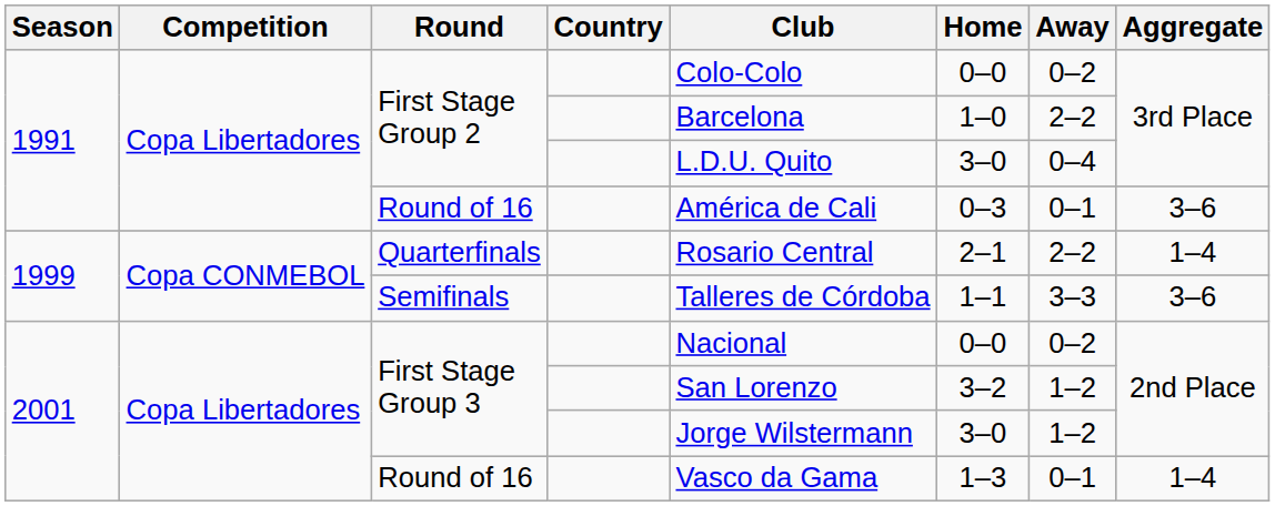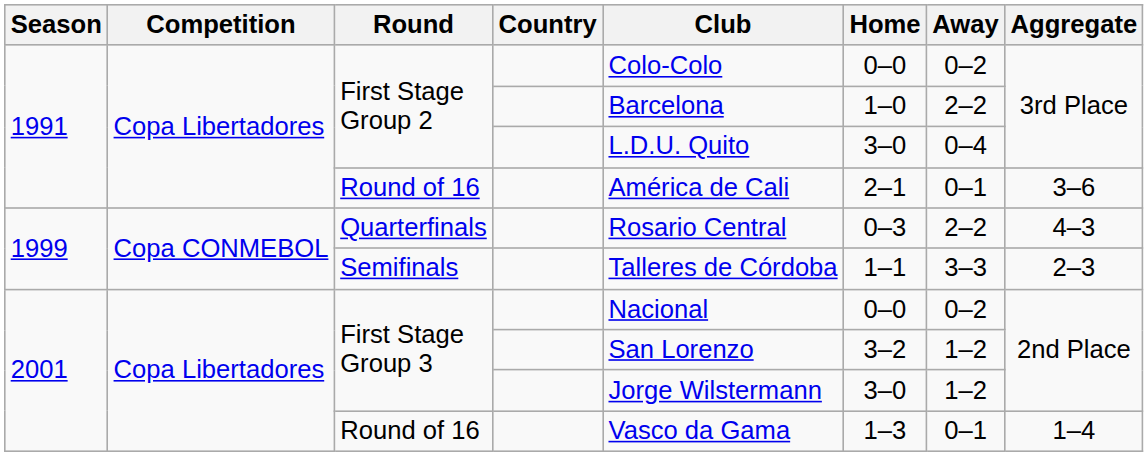 <table class="wikitable" style="text-align:left;">
 <tr>
 <th>Season</th>
 <th>Competition</th>
 <th>Round</th>
 <th>Country</th>
 <th>Club</th>
 <th>Home</th>
 <th>Away</th>
 <th>Aggregate</th>
 </tr>
 <tr>
 <td rowspan="4"><a href='#'>1991</a></td>
 <td rowspan="4"><a href='#'>Copa Libertadores</a></td>
 <td rowspan="3">First Stage<br>Group 2</td>
 <td></td>
 <td><a href='#'>Colo-Colo</a></td>
 <td style="text-align:center;">0–0</td>
 <td style="text-align:center;">0–2</td>
 <td style="text-align:center;" rowspan=3>3rd Place</td>
 </tr>
 <tr>
 <td></td>
 <td><a href='#'>Barcelona</a></td>
 <td style="text-align:center;">1–0</td>
 <td style="text-align:center;">2–2</td>
 </tr>
 <tr>
 <td></td>
 <td><a href='#'>L.D.U. Quito</a></td>
 <td style="text-align:center;">3–0</td>
 <td style="text-align:center;">0–4</td>
 </tr>
 <tr>
 <td><a href='#'>Round of 16</a></td>
 <td></td>
 <td><a href='#'>América de Cali</a></td>
-<td style="text-align:center;">0–3</td>
+<td style="text-align:center;">2–1</td>
 <td style="text-align:center;">0–1</td>
 <td style="text-align:center;">3–6</td>
 </tr>
 <tr>
 <td rowspan="2"><a href='#'>1999</a></td>
 <td rowspan="2"><a href='#'>Copa CONMEBOL</a></td>
 <td><a href='#'>Quarterfinals</a></td>
 <td></td>
 <td><a href='#'>Rosario Central</a></td>
-<td style="text-align:center;">2–1</td>
+<td style="text-align:center;">0–3</td>
 <td style="text-align:center;">2–2</td>
-<td style="text-align:center;">1–4</td>
+<td style="text-align:center;">4–3</td>
 </tr>
 <tr>
 <td><a href='#'>Semifinals</a></td>
 <td></td>
 <td><a href='#'>Talleres de Córdoba</a></td>
 <td style="text-align:center;">1–1</td>
 <td style="text-align:center;">3–3</td>
-<td style="text-align:center;">3–6</td>
+<td style="text-align:center;">2–3</td>
 </tr>
 <tr>
 <td rowspan="4"><a href='#'>2001</a></td>
 <td rowspan="4"><a href='#'>Copa Libertadores</a></td>
 <td rowspan="3">First Stage<br>Group 3</td>
 <td></td>
 <td><a href='#'>Nacional</a></td>
 <td style="text-align:center;">0–0</td>
 <td style="text-align:center;">0–2</td>
 <td style="text-align:center;" rowspan=3>2nd Place</td>
 </tr>
 <tr>
 <td></td>
 <td><a href='#'>San Lorenzo</a></td>
 <td style="text-align:center;">3–2</td>
 <td style="text-align:center;">1–2</td>
 </tr>
 <tr>
 <td></td>
 <td><a href='#'>Jorge Wilstermann</a></td>
 <td style="text-align:center;">3–0</td>
 <td style="text-align:center;">1–2</td>
 </tr>
 <tr>
 <td>Round of 16</td>
 <td></td>
 <td><a href='#'>Vasco da Gama</a></td>
 <td style="text-align:center;">1–3</td>
 <td style="text-align:center;">0–1</td>
 <td style="text-align:center;">1–4</td>
 </tr>
 </table>
